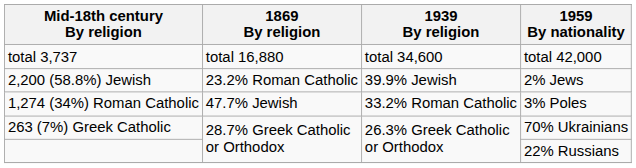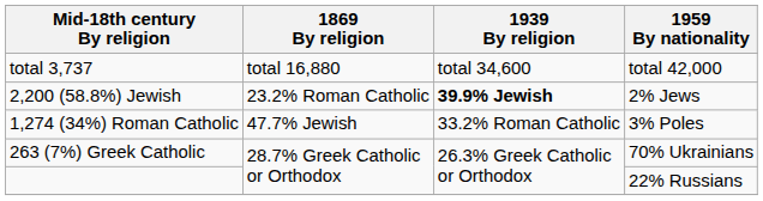 <table class="wikitable" style="padding:6px; spacing:6px">
 <tr>
 </tr>
 <tr>
 <th>Mid-18th century<br>By religion</th>
 <th>1869<br>By religion</th>
 <th>1939<br>By religion</th>
 <th>1959<br>By nationality</th>
 </tr>
 <tr>
 <td>total 3,737</td>
 <td>total 16,880</td>
 <td>total 34,600</td>
 <td>total 42,000</td>
 </tr>
 <tr>
 <td>2,200 (58.8%) Jewish</td>
 <td>23.2% Roman Catholic</td>
-<td>39.9% Jewish</td>
+<td><strong>39.9% Jewish</strong></td>
 <td>2% Jews</td>
 </tr>
 <tr>
 <td>1,274 (34%) Roman Catholic</td>
 <td>47.7% Jewish</td>
 <td>33.2% Roman Catholic</td>
 <td>3% Poles</td>
 </tr>
 <tr>
 <td>263 (7%) Greek Catholic</td>
 <td rowspan="2">28.7% Greek Catholic<br>or Orthodox</td>
 <td rowspan="2">26.3% Greek Catholic<br>or Orthodox</td>
 <td>70% Ukrainians</td>
 </tr>
 <tr>
 <td></td>
 <td>22% Russians</td>
 </tr>
 <tr>
 </tr>
 </table>
